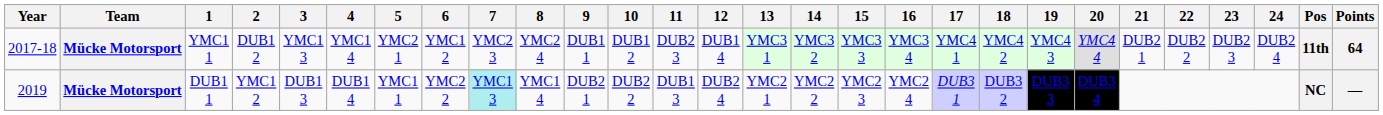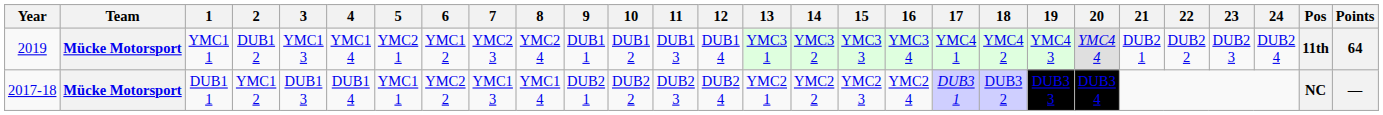 <table class="wikitable" style="text-align:center; font-size:85%">
 <tr>
 <th>Year</th>
 <th>Team</th>
 <th>1</th>
 <th>2</th>
 <th>3</th>
 <th>4</th>
 <th>5</th>
 <th>6</th>
 <th>7</th>
 <th>8</th>
 <th>9</th>
 <th>10</th>
 <th>11</th>
 <th>12</th>
 <th>13</th>
 <th>14</th>
 <th>15</th>
 <th>16</th>
 <th>17</th>
 <th>18</th>
 <th>19</th>
 <th>20</th>
 <th>21</th>
 <th>22</th>
 <th>23</th>
 <th>24</th>
 <th>Pos</th>
 <th>Points</th>
 </tr>
 <tr>
-<td nowrap><a href='#'>2017-18</a></td>
+<td><a href='#'>2019</a></td>
 <th nowrap><a href='#'>Mücke Motorsport</a></th>
 <td><a href='#'>YMC1<br>1</a></td>
 <td><a href='#'>DUB1<br>2</a></td>
 <td><a href='#'>YMC1<br>3</a></td>
 <td><a href='#'>YMC1<br>4</a></td>
 <td><a href='#'>YMC2<br>1</a></td>
 <td><a href='#'>YMC1<br>2</a></td>
 <td><a href='#'>YMC2<br>3</a></td>
 <td><a href='#'>YMC2<br>4</a></td>
 <td><a href='#'>DUB1<br>1</a></td>
 <td><a href='#'>DUB1<br>2</a></td>
-<td><a href='#'>DUB2<br>3</a></td>
+<td><a href='#'>DUB1<br>3</a></td>
 <td><a href='#'>DUB1<br>4</a></td>
 <td style="background:#dfffdf"><a href='#'>YMC3<br>1</a><br></td>
 <td style="background:#dfffdf"><a href='#'>YMC3<br>2</a><br></td>
 <td style="background:#dfffdf"><a href='#'>YMC3<br>3</a><br></td>
 <td style="background:#dfffdf"><a href='#'>YMC3<br>4</a><br></td>
 <td style="background:#dfffdf"><a href='#'>YMC4<br>1</a><br></td>
 <td style="background:#dfffdf"><a href='#'>YMC4<br>2</a><br></td>
 <td style="background:#dfffdf"><a href='#'>YMC4<br>3</a><br></td>
 <td style="background:#dfdfdf"><em><a href='#'>YMC4<br>4</a></em><br></td>
 <td><a href='#'>DUB2<br>1</a></td>
 <td><a href='#'>DUB2<br>2</a></td>
 <td><a href='#'>DUB2<br>3</a></td>
 <td><a href='#'>DUB2<br>4</a></td>
 <th>11th</th>
 <th>64</th>
 </tr>
 <tr>
-<td><a href='#'>2019</a></td>
+<td nowrap><a href='#'>2017-18</a></td>
 <th nowrap><a href='#'>Mücke Motorsport</a></th>
 <td><a href='#'>DUB1<br>1</a></td>
 <td><a href='#'>YMC1<br>2</a></td>
 <td><a href='#'>DUB1<br>3</a></td>
 <td><a href='#'>DUB1<br>4</a></td>
 <td><a href='#'>YMC1<br>1</a></td>
 <td><a href='#'>YMC2<br>2</a></td>
-<td style="background: paleturquoise;"><a href='#'>YMC1<br>3</a></td>
+<td><a href='#'>YMC1<br>3</a></td>
 <td><a href='#'>YMC1<br>4</a></td>
 <td><a href='#'>DUB2<br>1</a></td>
 <td><a href='#'>DUB2<br>2</a></td>
-<td><a href='#'>DUB1<br>3</a></td>
+<td><a href='#'>DUB2<br>3</a></td>
 <td><a href='#'>DUB2<br>4</a></td>
 <td><a href='#'>YMC2<br>1</a></td>
 <td><a href='#'>YMC2<br>2</a></td>
 <td><a href='#'>YMC2<br>3</a></td>
 <td><a href='#'>YMC2<br>4</a></td>
 <td style="background:#cfcfff"><em><a href='#'>DUB3<br>1</a></em><br></td>
 <td style="background:#cfcfff"><a href='#'>DUB3<br>2</a><br></td>
 <td style="background:#000000; color:white"><a href='#'>DUB3<br>3</a><br></td>
 <td style="background:#000000; color:white"><a href='#'>DUB3<br>4</a><br></td>
 <td colspan=4></td>
 <th>NC</th>
 <th>—</th>
 </tr>
 </table>
